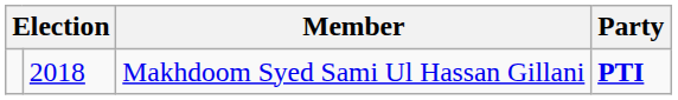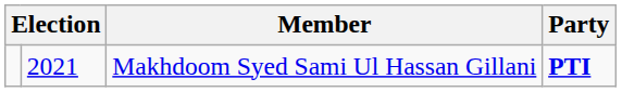 <table class="wikitable">
 <tr>
 <th colspan="2">Election</th>
 <th>Member</th>
 <th>Party</th>
 </tr>
 <tr>
 <td style="background-color: "></td>
-<td><a href='#'>2018</a></td>
+<td><a href='#'>2021</a></td>
 <td><a href='#'>Makhdoom Syed Sami Ul Hassan Gillani</a></td>
 <td><strong><a href='#'>PTI</a></strong></td>
 </tr>
 </table>
